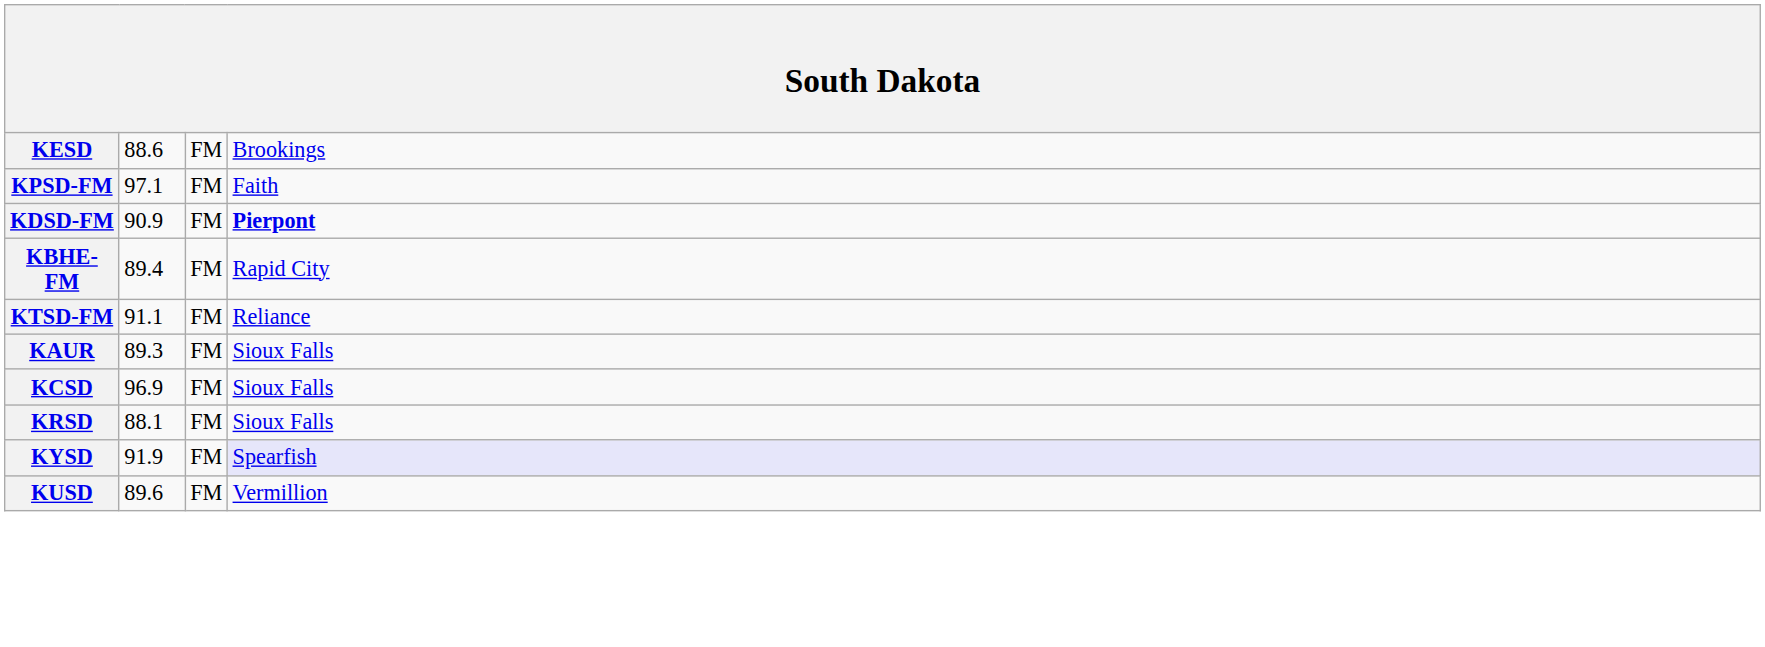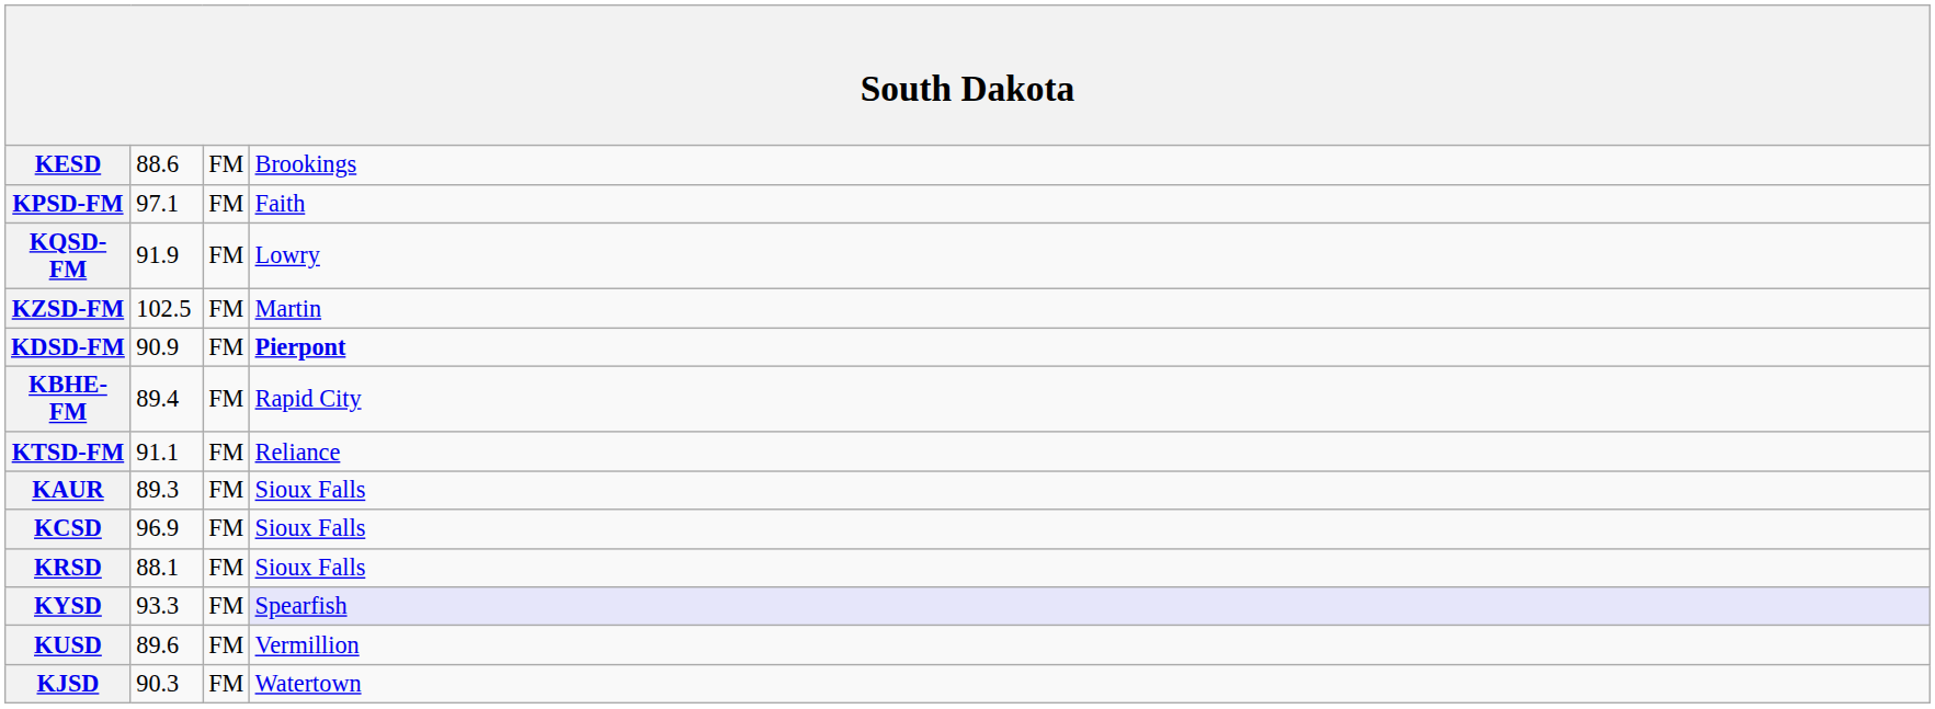 <table class="wikitable mw-collapsible" style="width:100%">
 <tr>
 <th scope="col" colspan="4"><br><h2>South Dakota</h2></th>
 </tr>
 <tr>
 <th scope="row" style="width: 75px;"><a href='#'>KESD</a></th>
 <td style="width: 40px;">88.6</td>
 <td style="width: 21px;">FM</td>
 <td><a href='#'>Brookings</a></td>
 </tr>
 <tr>
 <th scope="row"><a href='#'>KPSD-FM</a></th>
 <td>97.1</td>
 <td>FM</td>
 <td><a href='#'>Faith</a></td>
+</tr>
+<tr>
+<th scope="row"><a href='#'>KQSD-FM</a></th>
+<td>91.9</td>
+<td>FM</td>
+<td><a href='#'>Lowry</a></td>
+</tr>
+<tr>
+<th scope="row"><a href='#'>KZSD-FM</a></th>
+<td>102.5</td>
+<td>FM</td>
+<td><a href='#'>Martin</a></td>
 </tr>
 <tr>
 <th scope="row"><a href='#'>KDSD-FM</a></th>
 <td>90.9</td>
 <td>FM</td>
 <td><strong><a href='#'>Pierpont</a></strong></td>
 </tr>
 <tr>
 <th scope="row"><a href='#'>KBHE-FM</a></th>
 <td>89.4</td>
 <td>FM</td>
 <td><a href='#'>Rapid City</a></td>
 </tr>
 <tr>
 <th scope="row"><a href='#'>KTSD-FM</a></th>
 <td>91.1</td>
 <td>FM</td>
 <td><a href='#'>Reliance</a></td>
 </tr>
 <tr>
 <th scope="row"><a href='#'>KAUR</a></th>
 <td>89.3</td>
 <td>FM</td>
 <td><a href='#'>Sioux Falls</a></td>
 </tr>
 <tr>
 <th scope="row"><a href='#'>KCSD</a></th>
 <td>96.9</td>
 <td>FM</td>
 <td><a href='#'>Sioux Falls</a></td>
 </tr>
 <tr>
 <th scope="row"><a href='#'>KRSD</a></th>
 <td>88.1</td>
 <td>FM</td>
 <td><a href='#'>Sioux Falls</a></td>
 </tr>
 <tr>
 <th scope="row"><a href='#'>KYSD</a></th>
-<td>91.9</td>
+<td>93.3</td>
 <td>FM</td>
 <td style="background: lavender;"><a href='#'>Spearfish</a></td>
 </tr>
 <tr>
 <th scope="row"><a href='#'>KUSD</a></th>
 <td>89.6</td>
 <td>FM</td>
 <td><a href='#'>Vermillion</a></td>
 </tr>
+<tr>
+<th scope="row"><a href='#'>KJSD</a></th>
+<td>90.3</td>
+<td>FM</td>
+<td><a href='#'>Watertown</a></td>
+</tr>
 </table>
